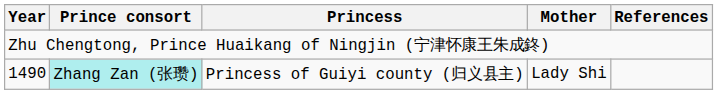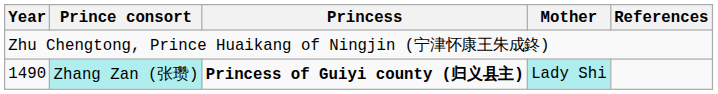 <table class="wikitable">
 <tr>
 <th>Year</th>
 <th>Prince consort</th>
 <th>Princess</th>
 <th>Mother</th>
 <th>References</th>
 </tr>
 <tr>
 <td colspan="5">Zhu Chengtong, Prince Huaikang of Ningjin (宁津怀康王朱成鉖)</td>
 </tr>
 <tr>
 <td>1490</td>
 <td style="background: paleturquoise;">Zhang Zan (张瓒)</td>
-<td>Princess of Guiyi county (归义县主)</td>
-<td>Lady Shi</td>
+<td><strong>Princess of Guiyi county (归义县主)</strong></td>
+<td style="background: paleturquoise;">Lady Shi</td>
 <td></td>
 </tr>
 </table>
